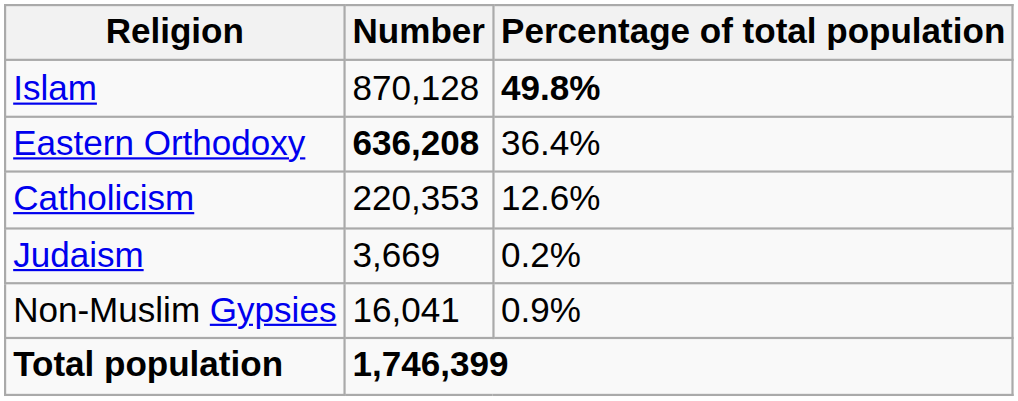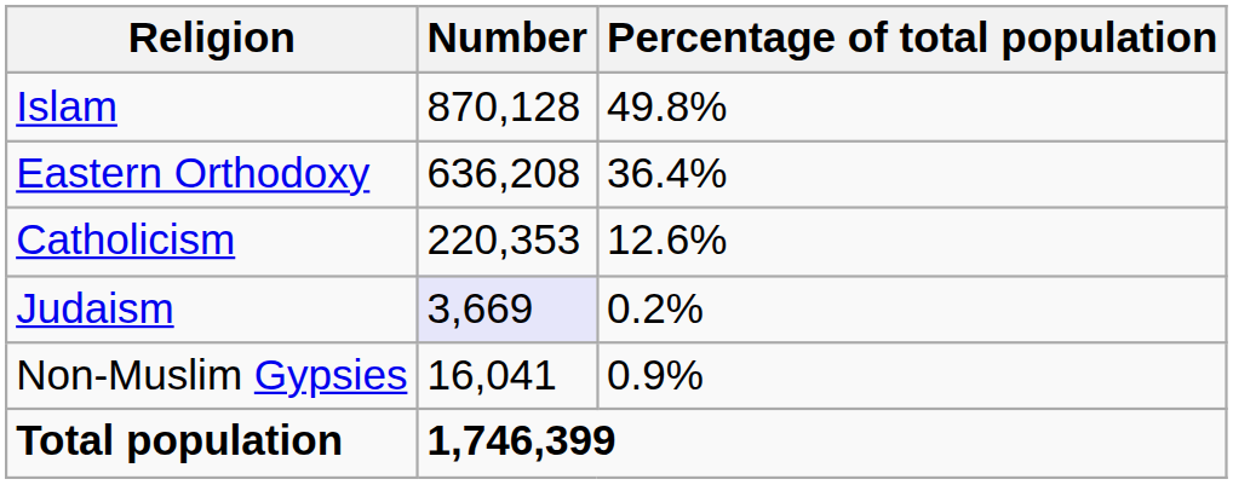 <table class="wikitable">
 <tr>
 <th>Religion</th>
 <th>Number</th>
 <th>Percentage of total population</th>
 </tr>
 <tr>
 <td><a href='#'>Islam</a></td>
 <td>870,128</td>
-<td><strong>49.8%</strong></td>
+<td>49.8%</td>
 </tr>
 <tr>
 <td><a href='#'>Eastern Orthodoxy</a></td>
-<td><strong>636,208</strong></td>
+<td>636,208</td>
 <td>36.4%</td>
 </tr>
 <tr>
 <td><a href='#'>Catholicism</a></td>
 <td>220,353</td>
 <td>12.6%</td>
 </tr>
 <tr>
 <td><a href='#'>Judaism</a></td>
-<td>3,669</td>
+<td style="background: lavender;">3,669</td>
 <td>0.2%</td>
 </tr>
 <tr>
 <td>Non-Muslim <a href='#'>Gypsies</a></td>
 <td>16,041</td>
 <td>0.9%</td>
 </tr>
 <tr>
 <td><strong>Total population</strong></td>
 <td colspan="2"><strong>1,746,399</strong></td>
 </tr>
 </table>
